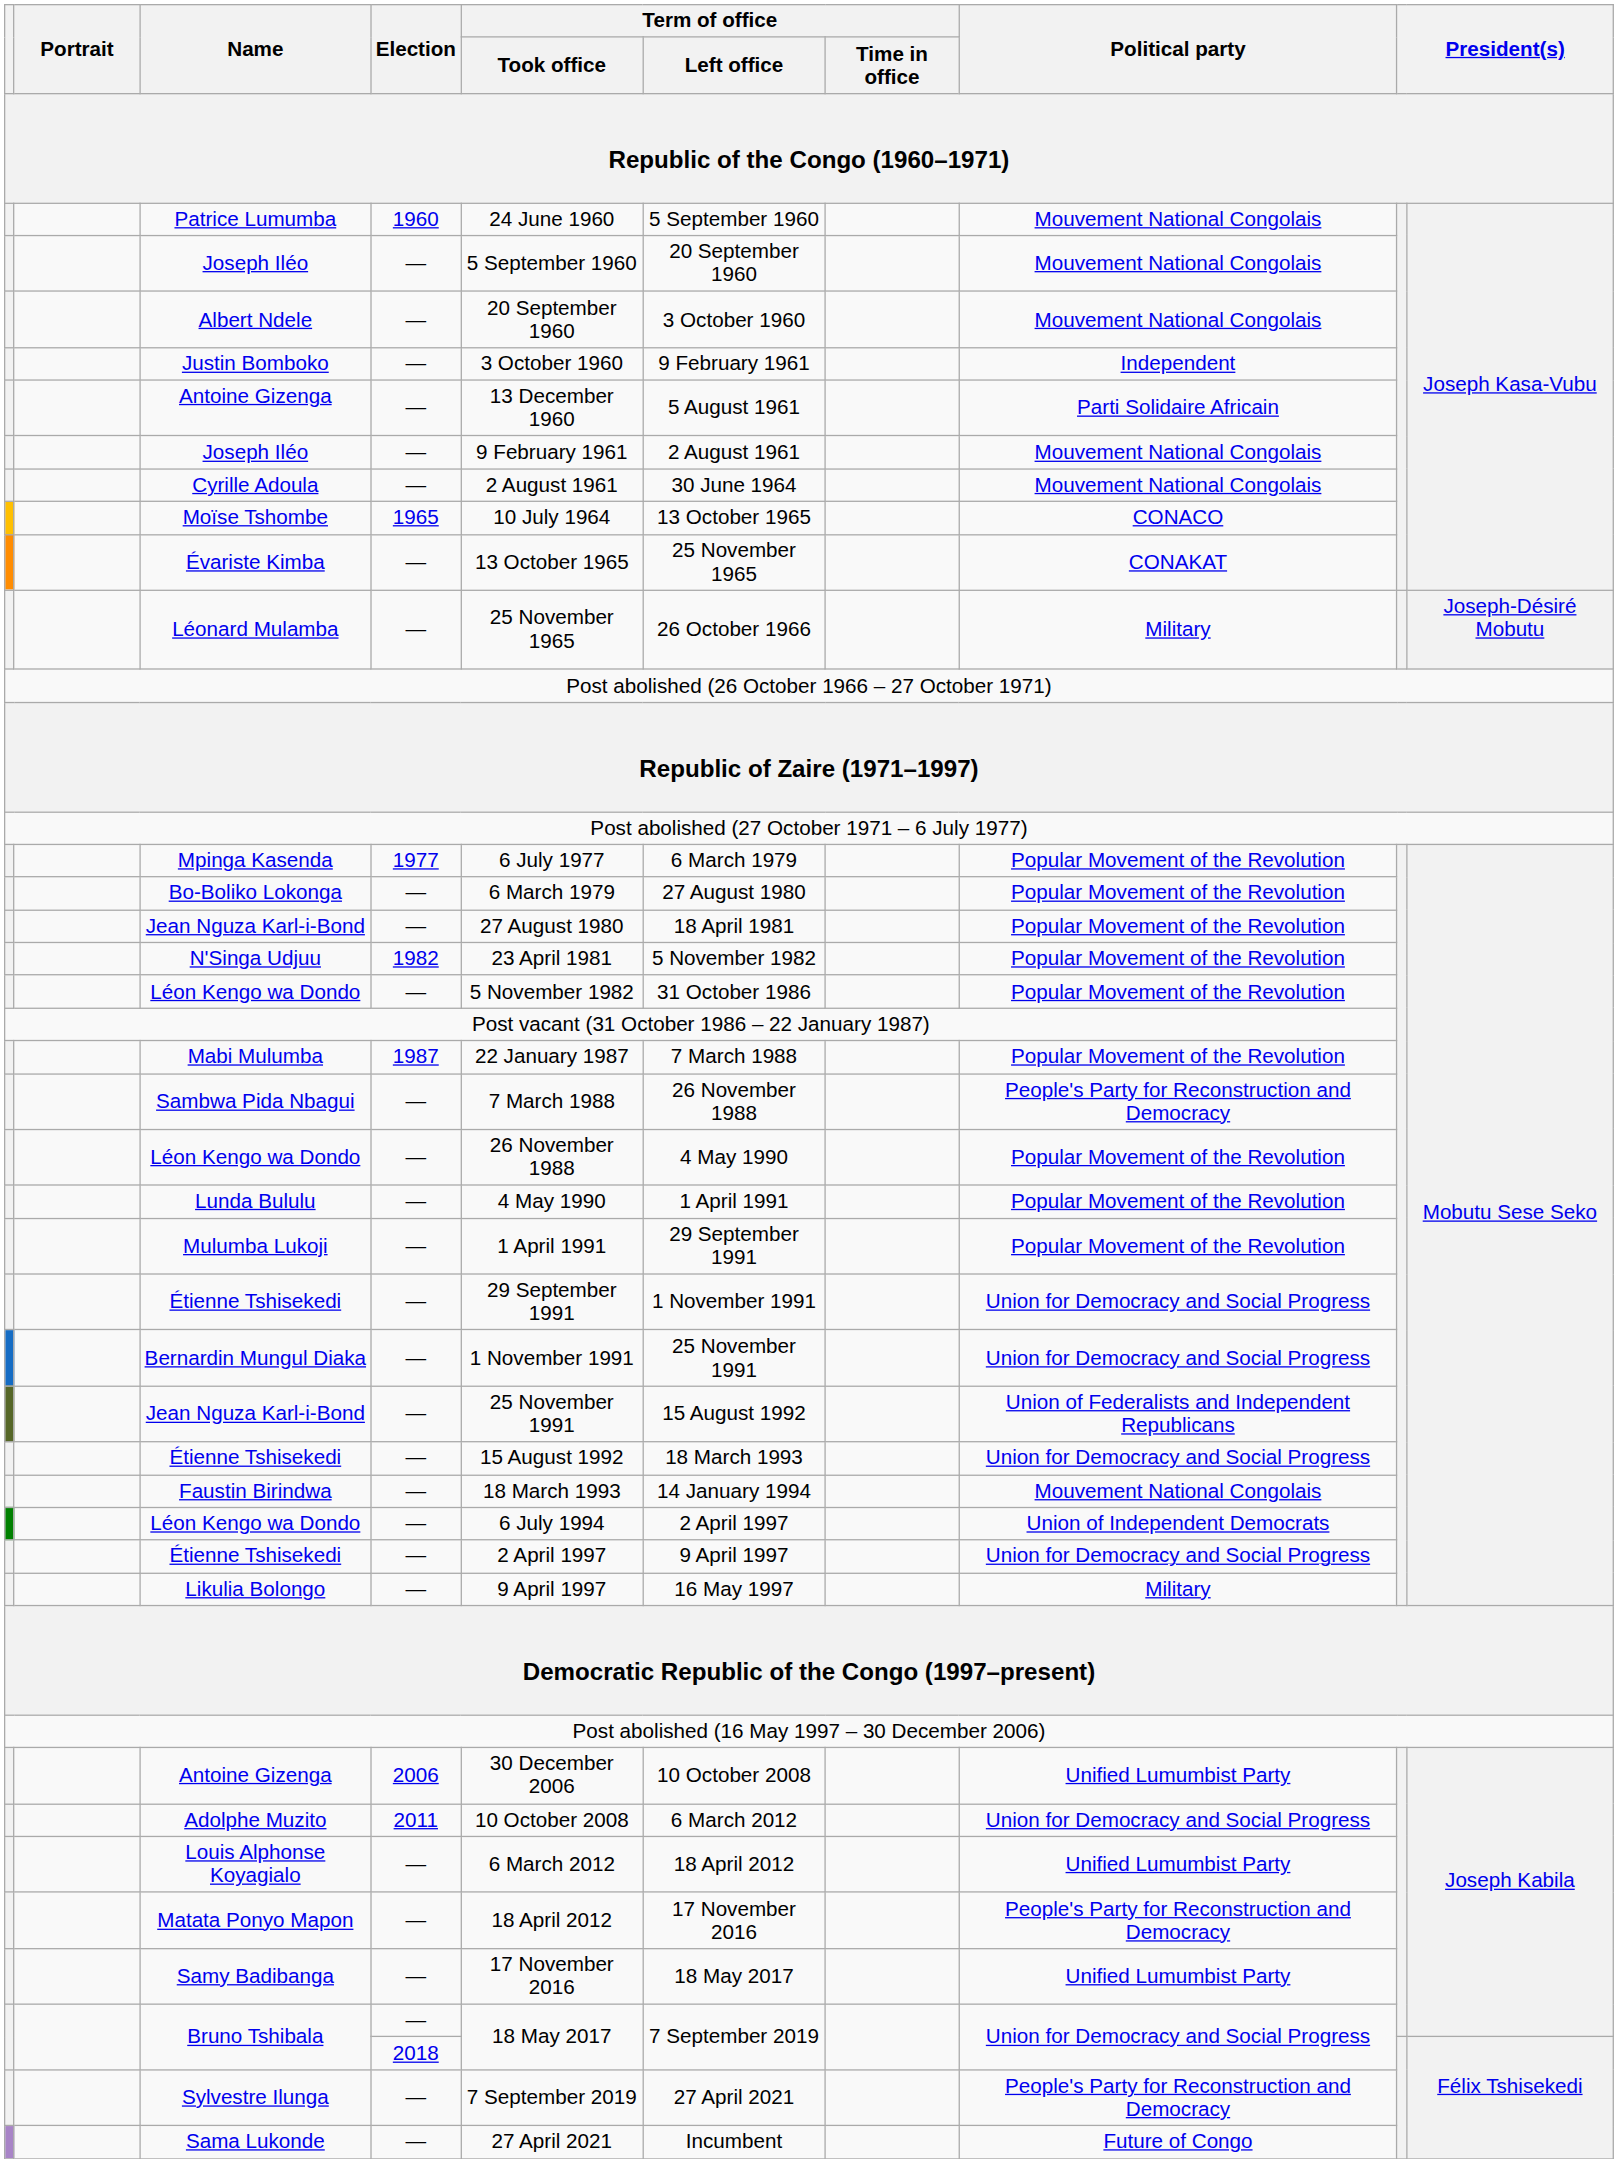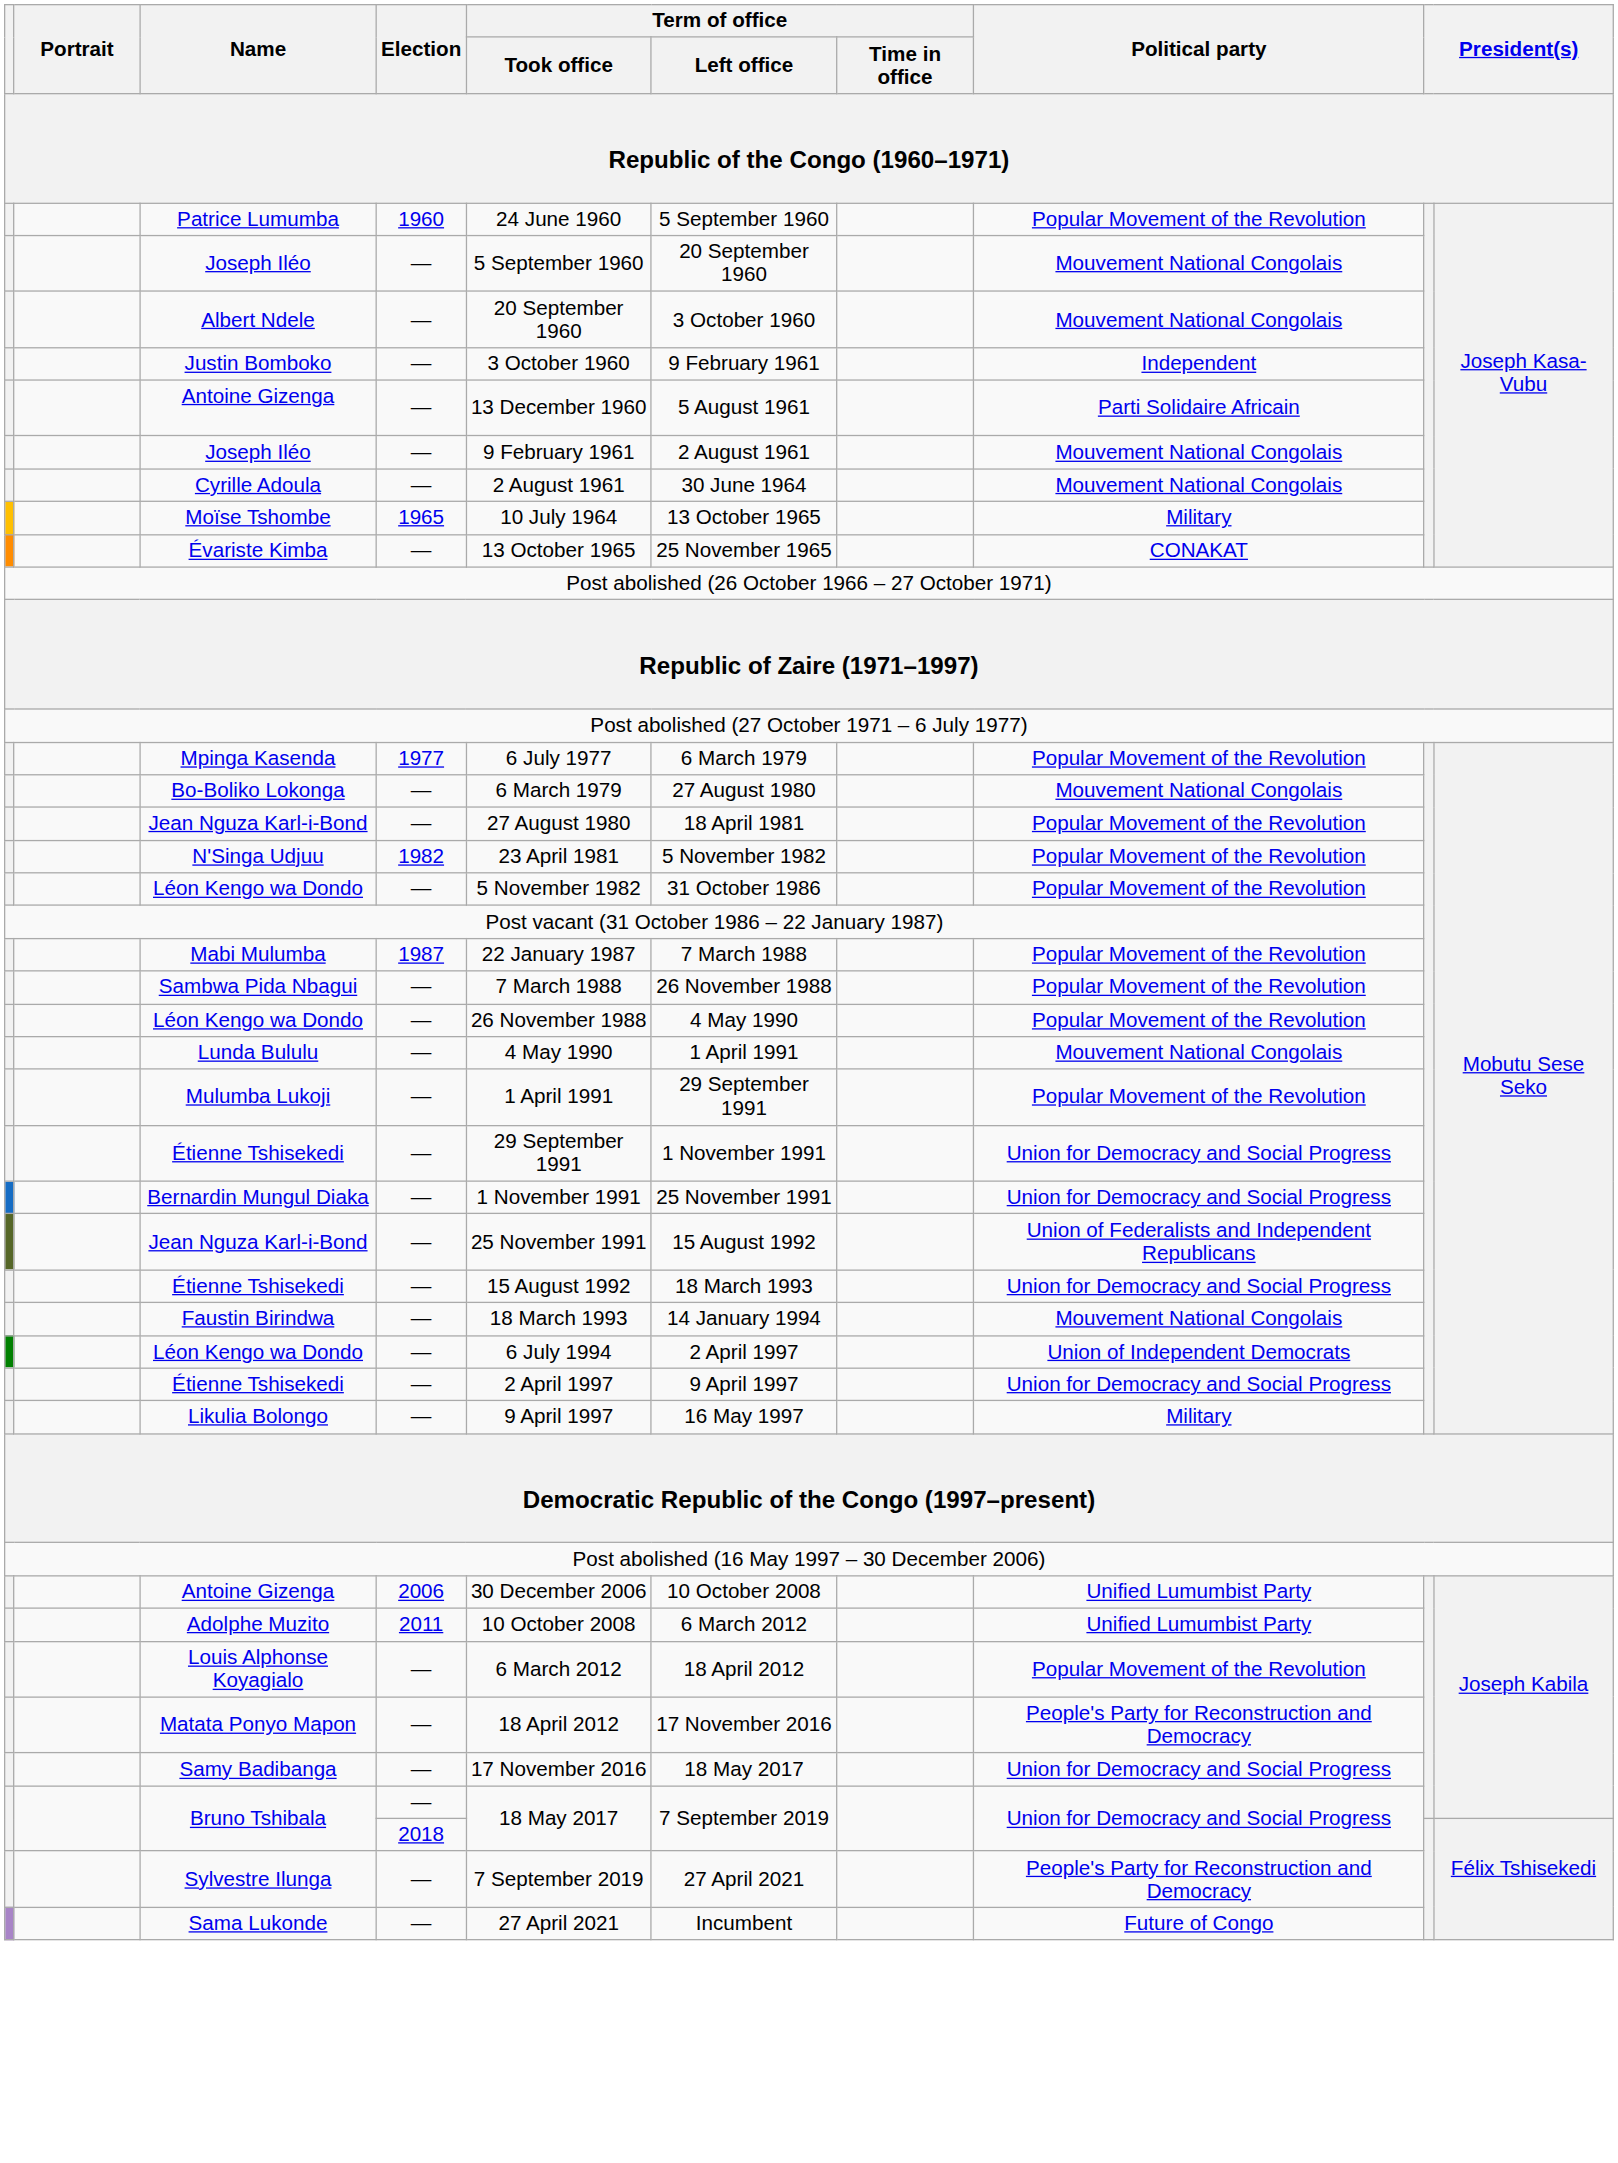 <table class="wikitable" style="text-align:center">
 <tr>
 <th rowspan="2"></th>
 <th rowspan="2" width="90px">Portrait</th>
 <th rowspan="2">Name<br></th>
 <th rowspan="2">Election</th>
 <th colspan="3">Term of office</th>
 <th rowspan="2">Political party</th>
 <th rowspan="2" colspan="2"><a href='#'>President(s)</a><br></th>
 </tr>
 <tr>
 <th>Took office</th>
 <th>Left office</th>
 <th>Time in office</th>
 </tr>
 <tr>
 <th colspan="10"><br><h3>Republic of the Congo (1960–1971)</h3></th>
 </tr>
 <tr>
 <th style="background:"></th>
 <td></td>
 <td><a href='#'>Patrice Lumumba</a><br></td>
 <td><a href='#'>1960</a></td>
 <td>24 June 1960<br><em></em></td>
 <td>5 September 1960<br><em></em></td>
 <td></td>
-<td><a href='#'>Mouvement National Congolais</a><br><em></em></td>
+<td><a href='#'>Popular Movement of the Revolution</a></td>
 <th rowspan="9" style="background:"></th>
 <th rowspan="9" style="font-weight:normal"><a href='#'>Joseph Kasa-Vubu</a><br><br></th>
 </tr>
 <tr>
 <th style="background:"></th>
 <td></td>
 <td><a href='#'>Joseph Iléo</a><br></td>
 <td>—</td>
 <td>5 September 1960</td>
 <td>20 September 1960</td>
 <td></td>
 <td><a href='#'>Mouvement National Congolais</a><br><em></em></td>
 </tr>
 <tr>
 <th style="background:"></th>
 <td></td>
 <td><a href='#'>Albert Ndele</a><br></td>
 <td>—</td>
 <td>20 September 1960</td>
 <td>3 October 1960</td>
 <td></td>
 <td><a href='#'>Mouvement National Congolais</a><br><em></em></td>
 </tr>
 <tr>
 <th style="background:"></th>
 <td></td>
 <td><a href='#'>Justin Bomboko</a><br></td>
 <td>—</td>
 <td>3 October 1960</td>
 <td>9 February 1961</td>
 <td></td>
 <td><a href='#'>Independent</a></td>
 </tr>
 <tr>
 <th style="background:"></th>
 <td></td>
 <td><a href='#'>Antoine Gizenga</a><br><br><em></em></td>
 <td>—</td>
 <td>13 December 1960</td>
 <td>5 August 1961</td>
 <td></td>
 <td><a href='#'>Parti Solidaire Africain</a><br><em></em></td>
 </tr>
 <tr>
 <th style="background:"></th>
 <td></td>
 <td><a href='#'>Joseph Iléo</a><br></td>
 <td>—</td>
 <td>9 February 1961</td>
 <td>2 August 1961</td>
 <td></td>
 <td><a href='#'>Mouvement National Congolais</a><br><em></em></td>
 </tr>
 <tr>
 <th style="background:"></th>
 <td></td>
 <td><a href='#'>Cyrille Adoula</a><br></td>
 <td>—</td>
 <td>2 August 1961</td>
 <td>30 June 1964</td>
 <td></td>
 <td><a href='#'>Mouvement National Congolais</a></td>
 </tr>
 <tr>
 <th style="background:#FFC000;"></th>
 <td></td>
 <td><a href='#'>Moïse Tshombe</a><br></td>
 <td><a href='#'>1965</a></td>
 <td>10 July 1964</td>
 <td>13 October 1965</td>
 <td></td>
-<td><a href='#'>CONACO</a></td>
+<td><a href='#'>Military</a></td>
 </tr>
 <tr>
 <th style="background:#FF8C00;"></th>
 <td></td>
 <td><a href='#'>Évariste Kimba</a><br></td>
 <td>—</td>
 <td>13 October 1965</td>
 <td>25 November 1965</td>
 <td></td>
 <td><a href='#'>CONAKAT</a></td>
-</tr>
-<tr>
-<th style="background:"></th>
-<td></td>
-<td><a href='#'>Léonard Mulamba</a><br></td>
-<td>—</td>
-<td>25 November 1965</td>
-<td>26 October 1966</td>
-<td></td>
-<td><a href='#'>Military</a></td>
-<th rowspan="1" style="background:"></th>
-<th rowspan="1" style="font-weight:normal"><a href='#'>Joseph-Désiré Mobutu</a><br><br></th>
 </tr>
 <tr>
 <td colspan="10">Post abolished (26 October 1966 – 27 October 1971)</td>
 </tr>
 <tr>
 <th colspan="10"><br><h3>Republic of Zaire (1971–1997)</h3></th>
 </tr>
 <tr>
 <td colspan="10">Post abolished (27 October 1971 – 6 July 1977)</td>
 </tr>
 <tr>
 <th style="background:"></th>
 <td></td>
 <td><a href='#'>Mpinga Kasenda</a><br></td>
 <td><a href='#'>1977</a></td>
 <td>6 July 1977</td>
 <td>6 March 1979</td>
 <td></td>
 <td><a href='#'>Popular Movement of the Revolution</a></td>
 <th rowspan="19" style="background:"></th>
 <th rowspan="19" style="font-weight:normal"><a href='#'>Mobutu Sese Seko</a><br><br></th>
 </tr>
 <tr>
 <th style="background:"></th>
 <td></td>
 <td><a href='#'>Bo-Boliko Lokonga</a><br></td>
 <td>—</td>
 <td>6 March 1979</td>
 <td>27 August 1980</td>
 <td></td>
-<td><a href='#'>Popular Movement of the Revolution</a></td>
+<td><a href='#'>Mouvement National Congolais</a><br><em></em></td>
 </tr>
 <tr>
 <th style="background:"></th>
 <td></td>
 <td><a href='#'>Jean Nguza Karl-i-Bond</a><br></td>
 <td>—</td>
 <td>27 August 1980</td>
 <td>18 April 1981</td>
 <td></td>
 <td><a href='#'>Popular Movement of the Revolution</a></td>
 </tr>
 <tr>
 <th style="background:"></th>
 <td></td>
 <td><a href='#'>N'Singa Udjuu</a><br></td>
 <td><a href='#'>1982</a></td>
 <td>23 April 1981</td>
 <td>5 November 1982</td>
 <td></td>
 <td><a href='#'>Popular Movement of the Revolution</a></td>
 </tr>
 <tr>
 <th style="background:"></th>
 <td></td>
 <td><a href='#'>Léon Kengo wa Dondo</a><br></td>
 <td>—</td>
 <td>5 November 1982</td>
 <td>31 October 1986</td>
 <td></td>
 <td><a href='#'>Popular Movement of the Revolution</a></td>
 </tr>
 <tr>
 <td colspan="8">Post vacant (31 October 1986 – 22 January 1987)</td>
 </tr>
 <tr>
 <th style="background:"></th>
 <td></td>
 <td><a href='#'>Mabi Mulumba</a><br></td>
 <td><a href='#'>1987</a></td>
 <td>22 January 1987</td>
 <td>7 March 1988</td>
 <td></td>
 <td><a href='#'>Popular Movement of the Revolution</a></td>
 </tr>
 <tr>
 <th style="background:"></th>
 <td></td>
 <td><a href='#'>Sambwa Pida Nbagui</a><br></td>
 <td>—</td>
 <td>7 March 1988</td>
 <td>26 November 1988</td>
 <td></td>
-<td><a href='#'>People's Party for Reconstruction and Democracy</a></td>
+<td><a href='#'>Popular Movement of the Revolution</a></td>
 </tr>
 <tr>
 <th style="background:"></th>
 <td></td>
 <td><a href='#'>Léon Kengo wa Dondo</a><br></td>
 <td>—</td>
 <td>26 November 1988</td>
 <td>4 May 1990</td>
 <td></td>
 <td><a href='#'>Popular Movement of the Revolution</a></td>
 </tr>
 <tr>
 <th style="background:"></th>
 <td></td>
 <td><a href='#'>Lunda Bululu</a><br></td>
 <td>—</td>
 <td>4 May 1990</td>
 <td>1 April 1991</td>
 <td></td>
-<td><a href='#'>Popular Movement of the Revolution</a></td>
+<td><a href='#'>Mouvement National Congolais</a><br><em></em></td>
 </tr>
 <tr>
 <th style="background:"></th>
 <td></td>
 <td><a href='#'>Mulumba Lukoji</a><br></td>
 <td>—</td>
 <td>1 April 1991</td>
 <td>29 September 1991</td>
 <td></td>
 <td><a href='#'>Popular Movement of the Revolution</a></td>
 </tr>
 <tr>
 <th style="background:"></th>
 <td></td>
 <td><a href='#'>Étienne Tshisekedi</a><br></td>
 <td>—</td>
 <td>29 September 1991</td>
 <td>1 November 1991</td>
 <td></td>
 <td><a href='#'>Union for Democracy and Social Progress</a></td>
 </tr>
 <tr>
 <th style="background:#156CC4;"></th>
 <td></td>
 <td><a href='#'>Bernardin Mungul Diaka</a><br></td>
 <td>—</td>
 <td>1 November 1991</td>
 <td>25 November 1991</td>
 <td></td>
 <td><a href='#'>Union for Democracy and Social Progress</a></td>
 </tr>
 <tr>
 <th style="background:#556627;"></th>
 <td></td>
 <td><a href='#'>Jean Nguza Karl-i-Bond</a><br></td>
 <td>—</td>
 <td>25 November 1991</td>
 <td>15 August 1992</td>
 <td></td>
 <td><a href='#'>Union of Federalists and Independent Republicans</a></td>
 </tr>
 <tr>
 <th style="background:"></th>
 <td></td>
 <td><a href='#'>Étienne Tshisekedi</a><br></td>
 <td>—</td>
 <td>15 August 1992</td>
 <td>18 March 1993</td>
 <td></td>
 <td><a href='#'>Union for Democracy and Social Progress</a></td>
 </tr>
 <tr>
 <th style="background:"></th>
 <td></td>
 <td><a href='#'>Faustin Birindwa</a><br></td>
 <td>—</td>
 <td>18 March 1993</td>
 <td>14 January 1994</td>
 <td></td>
 <td><a href='#'>Mouvement National Congolais</a><br><em></em></td>
 </tr>
 <tr>
 <th style="background:#008000;"></th>
 <td></td>
 <td><a href='#'>Léon Kengo wa Dondo</a><br></td>
 <td>—</td>
 <td>6 July 1994</td>
 <td>2 April 1997</td>
 <td></td>
 <td><a href='#'>Union of Independent Democrats</a></td>
 </tr>
 <tr>
 <th style="background:"></th>
 <td></td>
 <td><a href='#'>Étienne Tshisekedi</a><br></td>
 <td>—</td>
 <td>2 April 1997</td>
 <td>9 April 1997</td>
 <td></td>
 <td><a href='#'>Union for Democracy and Social Progress</a></td>
 </tr>
 <tr>
 <th style="background:"></th>
 <td></td>
 <td><a href='#'>Likulia Bolongo</a><br></td>
 <td>—</td>
 <td>9 April 1997</td>
 <td>16 May 1997</td>
 <td></td>
 <td><a href='#'>Military</a></td>
 </tr>
 <tr>
 <th colspan="10"><br><h3>Democratic Republic of the Congo (1997–present)</h3></th>
 </tr>
 <tr>
 <td colspan="10">Post abolished (16 May 1997 – 30 December 2006)</td>
 </tr>
 <tr>
 <th style="background:"></th>
 <td></td>
 <td><a href='#'>Antoine Gizenga</a><br></td>
 <td><a href='#'>2006</a></td>
 <td>30 December 2006</td>
 <td>10 October 2008</td>
 <td></td>
 <td><a href='#'>Unified Lumumbist Party</a></td>
 <th rowspan="6" style="background:"></th>
 <th rowspan="6" style="font-weight:normal"><a href='#'>Joseph Kabila</a><br><br></th>
 </tr>
 <tr>
 <th style="background:"></th>
 <td></td>
 <td><a href='#'>Adolphe Muzito</a><br></td>
 <td><a href='#'>2011</a></td>
 <td>10 October 2008</td>
 <td>6 March 2012</td>
 <td></td>
-<td><a href='#'>Union for Democracy and Social Progress</a></td>
+<td><a href='#'>Unified Lumumbist Party</a></td>
 </tr>
 <tr>
 <th style="background:"></th>
 <td></td>
 <td><a href='#'>Louis Alphonse Koyagialo</a><br></td>
 <td>—</td>
 <td>6 March 2012</td>
 <td>18 April 2012</td>
 <td></td>
-<td><a href='#'>Unified Lumumbist Party</a></td>
+<td><a href='#'>Popular Movement of the Revolution</a></td>
 </tr>
 <tr>
 <th style="background:"></th>
 <td></td>
 <td><a href='#'>Matata Ponyo Mapon</a><br></td>
 <td>—</td>
 <td>18 April 2012</td>
 <td>17 November 2016</td>
 <td></td>
 <td><a href='#'>People's Party for Reconstruction and Democracy</a></td>
 </tr>
 <tr>
 <th style="background:"></th>
 <td></td>
 <td><a href='#'>Samy Badibanga</a><br></td>
 <td>—</td>
 <td>17 November 2016</td>
 <td>18 May 2017</td>
 <td></td>
-<td><a href='#'>Unified Lumumbist Party</a></td>
+<td><a href='#'>Union for Democracy and Social Progress</a></td>
 </tr>
 <tr>
 <th rowspan=2 style="background:"></th>
 <td rowspan=2></td>
 <td rowspan=2><a href='#'>Bruno Tshibala</a><br></td>
 <td>—</td>
 <td rowspan=2>18 May 2017</td>
 <td rowspan=2>7 September 2019</td>
 <td rowspan=2></td>
 <td rowspan=2><a href='#'>Union for Democracy and Social Progress</a></td>
 </tr>
 <tr>
 <td><a href='#'>2018</a></td>
 <th rowspan="3" style="background:"></th>
 <th rowspan="3" style="font-weight:normal"><a href='#'>Félix Tshisekedi</a><br><br></th>
 </tr>
 <tr>
 <th style="background:"></th>
 <td></td>
 <td><a href='#'>Sylvestre Ilunga</a><br></td>
 <td>—</td>
 <td>7 September 2019</td>
 <td>27 April 2021</td>
 <td></td>
 <td><a href='#'>People's Party for Reconstruction and Democracy</a></td>
 </tr>
 <tr>
 <th style="background:#A884C7;"></th>
 <td></td>
 <td><a href='#'>Sama Lukonde</a><br></td>
 <td>—</td>
 <td>27 April 2021</td>
 <td>Incumbent</td>
 <td></td>
 <td><a href='#'>Future of Congo</a></td>
 </tr>
 </table>
